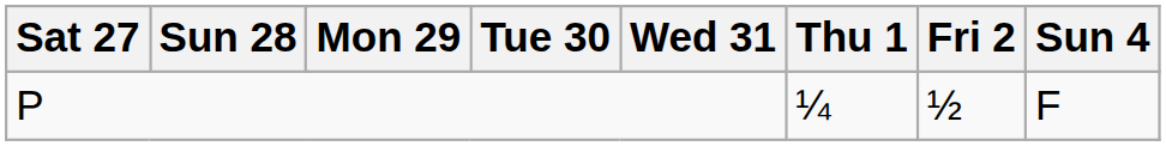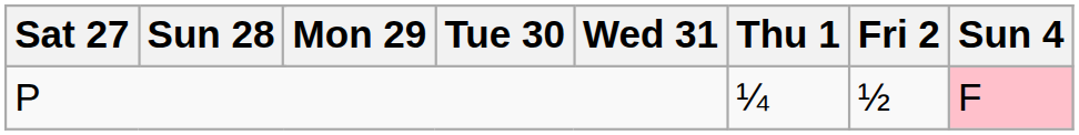 <table class="wikitable olympic-schedule table-tennis">
 <tr>
 <th>Sat 27</th>
 <th colspan=2>Sun 28</th>
 <th>Mon 29</th>
 <th>Tue 30</th>
 <th>Wed 31</th>
 <th colspan=2>Thu 1</th>
 <th>Fri 2</th>
 <th>Sun 4</th>
 </tr>
 <tr>
 <td colspan=6 class="prelims">P</td>
 <td class="quarterfinals">¼</td>
 <td colspan=2 class="semifinals">½</td>
-<td class="final">F</td>
+<td class="final" style="background: pink;">F</td>
 </tr>
 </table>
